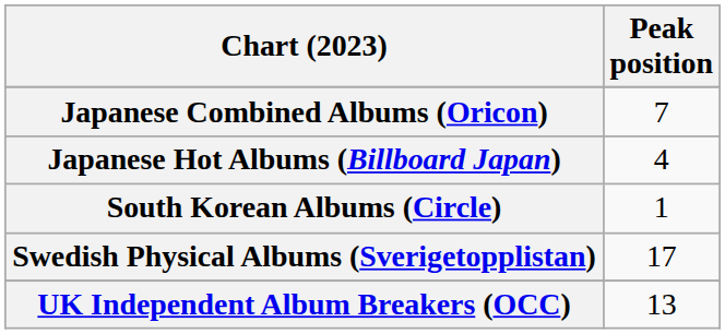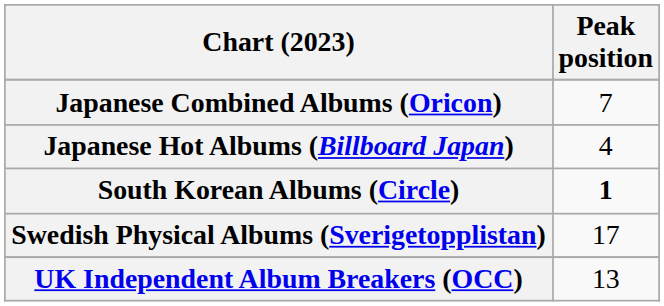 <table class="wikitable plainrowheaders sortable" style="text-align:center">
 <tr>
 <th scope="col">Chart (2023)</th>
 <th scope="col">Peak<br>position</th>
 </tr>
 <tr>
 </tr>
 <tr>
 <th scope="row">Japanese Combined Albums (<a href='#'>Oricon</a>)</th>
 <td>7</td>
 </tr>
 <tr>
 <th scope="row">Japanese Hot Albums (<em><a href='#'>Billboard Japan</a></em>)</th>
 <td>4</td>
 </tr>
 <tr>
 <th scope="row">South Korean Albums (<a href='#'>Circle</a>)</th>
-<td>1</td>
+<td><strong>1</strong></td>
 </tr>
 <tr>
 <th scope="row">Swedish Physical Albums (<a href='#'>Sverigetopplistan</a>)</th>
 <td>17</td>
 </tr>
 <tr>
 </tr>
 <tr>
 <th scope="row"><a href='#'>UK Independent Album Breakers</a> (<a href='#'>OCC</a>)</th>
 <td>13</td>
 </tr>
 </table>
